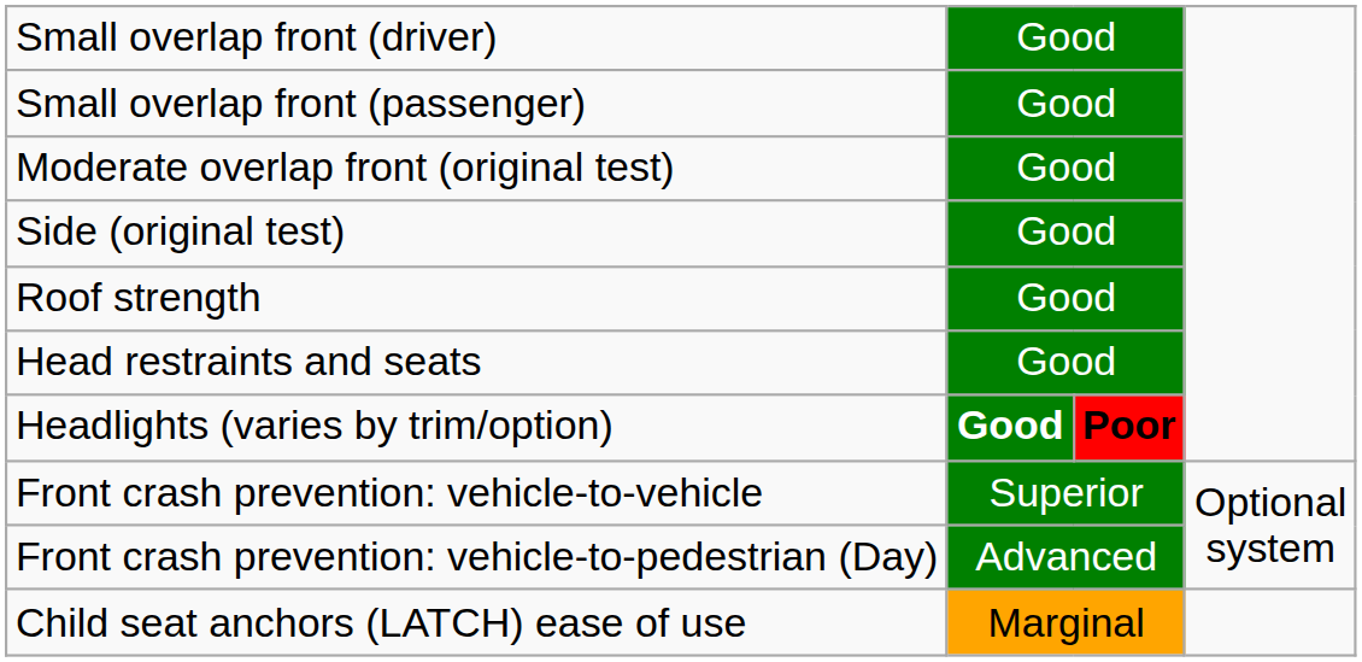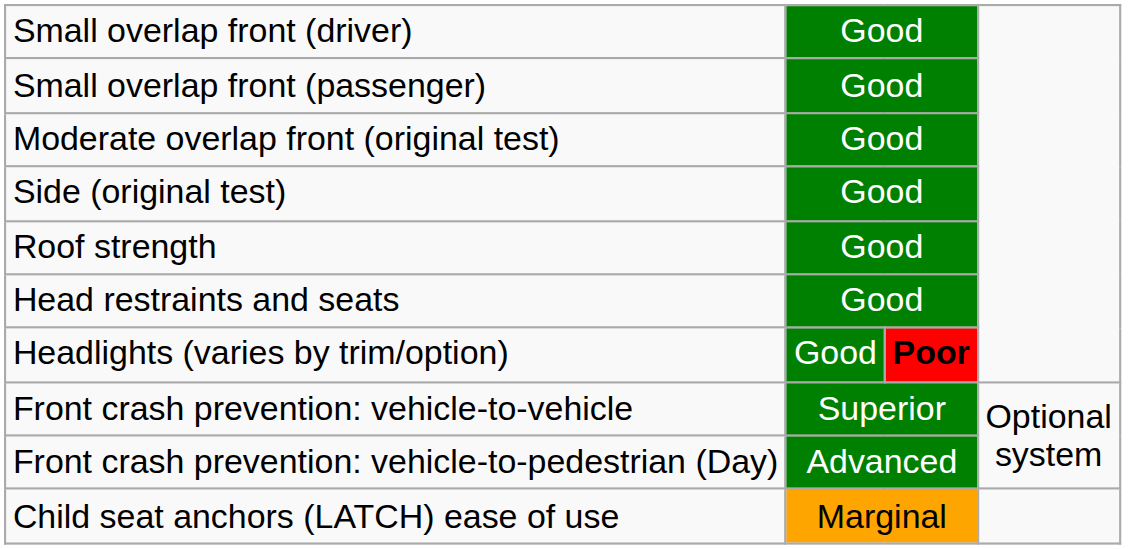 <table class="wikitable">
 <tr>
 <td>Small overlap front (driver)</td>
 <td colspan="2" style="text-align:center;color:white;background:green">Good</td>
 <td rowspan="7"></td>
 </tr>
 <tr>
 <td>Small overlap front (passenger)</td>
 <td colspan="2" style="text-align:center;color:white;background:green">Good</td>
 </tr>
 <tr>
 <td>Moderate overlap front (original test)</td>
 <td colspan="2" style="text-align:center;color:white;background:green">Good</td>
 </tr>
 <tr>
 <td>Side (original test)</td>
 <td colspan="2" style="text-align:center;color:white;background:green">Good</td>
 </tr>
 <tr>
 <td>Roof strength</td>
 <td colspan="2" style="text-align:center;color:white;background:green">Good</td>
 </tr>
 <tr>
 <td>Head restraints and seats</td>
 <td colspan="2" style="text-align:center;color:white;background:green">Good</td>
 </tr>
 <tr>
 <td>Headlights (varies by trim/option)</td>
-<td colspan="1" style="text-align:center;color:white;background:green"><strong>Good</strong></td>
+<td colspan="1" style="text-align:center;color:white;background:green">Good</td>
 <td colspan="1" style="text-align:center;color:black;background:red"><strong>Poor</strong></td>
 </tr>
 <tr>
 <td>Front crash prevention: vehicle-to-vehicle</td>
 <td colspan="2" style="text-align:center;color:white;background:green">Superior</td>
 <td rowspan="2" style="text-align:center">Optional<br>system</td>
 </tr>
 <tr>
 <td>Front crash prevention: vehicle-to-pedestrian (Day)</td>
 <td colspan="2" style="text-align:center;color:white;background:green">Advanced</td>
 </tr>
 <tr>
 <td>Child seat anchors (LATCH) ease of use</td>
 <td colspan="2" style="text-align:center;color:black;background:orange">Marginal</td>
 <td></td>
 </tr>
 </table>
